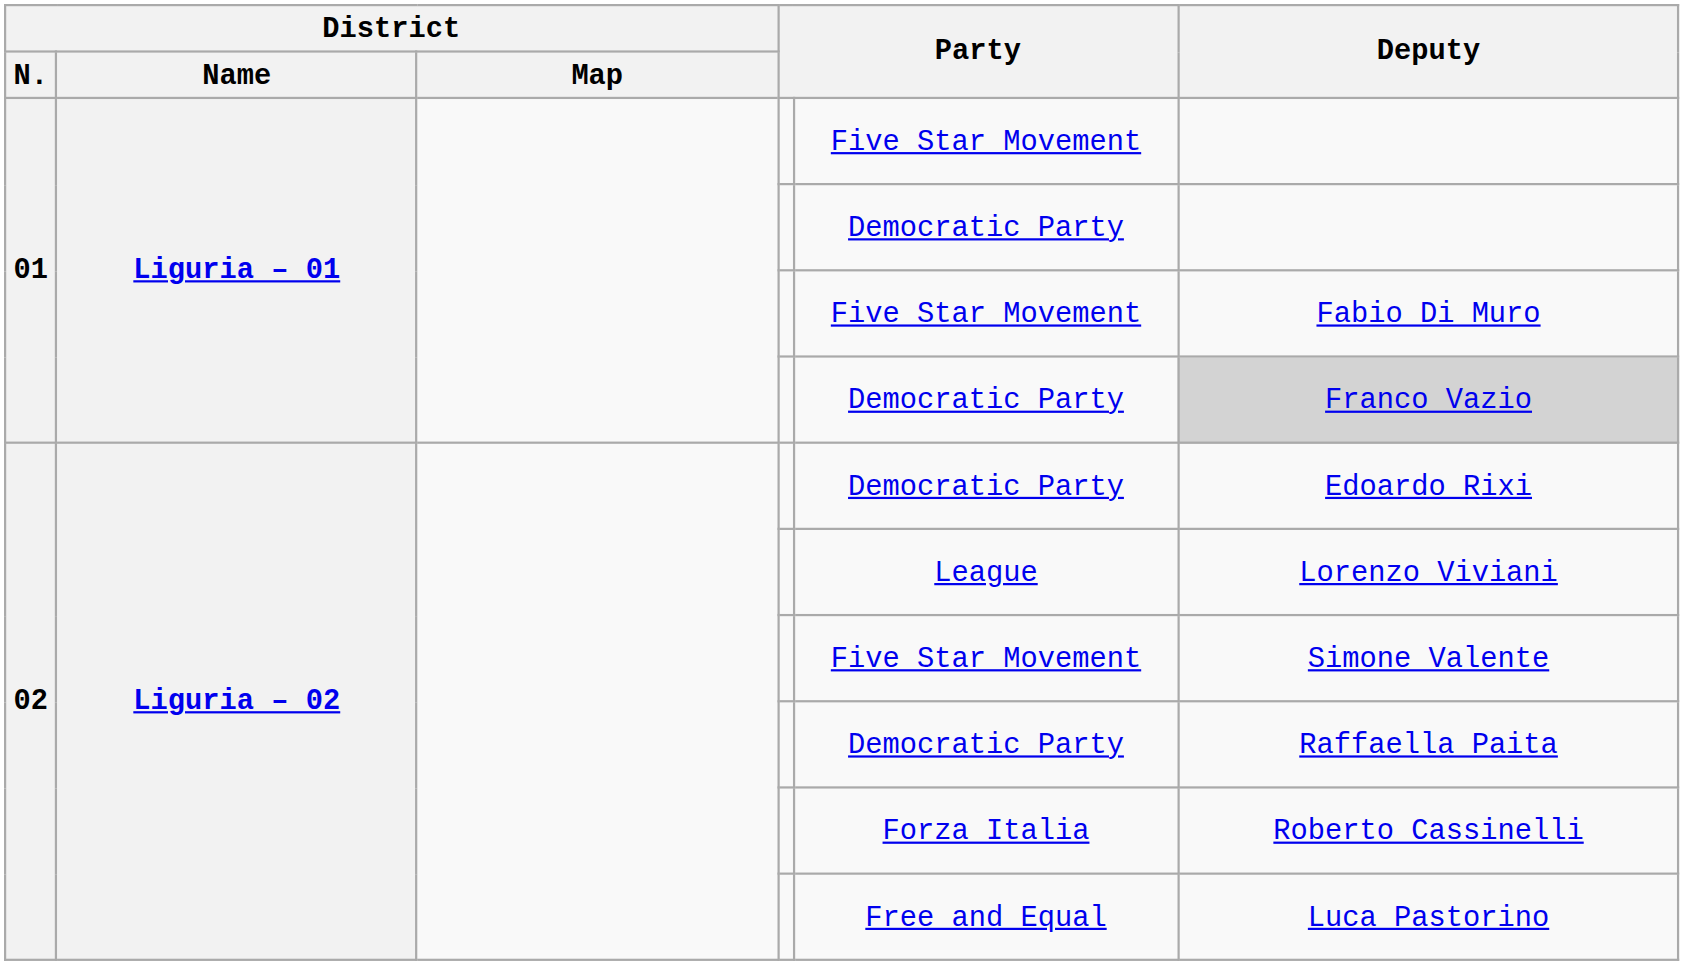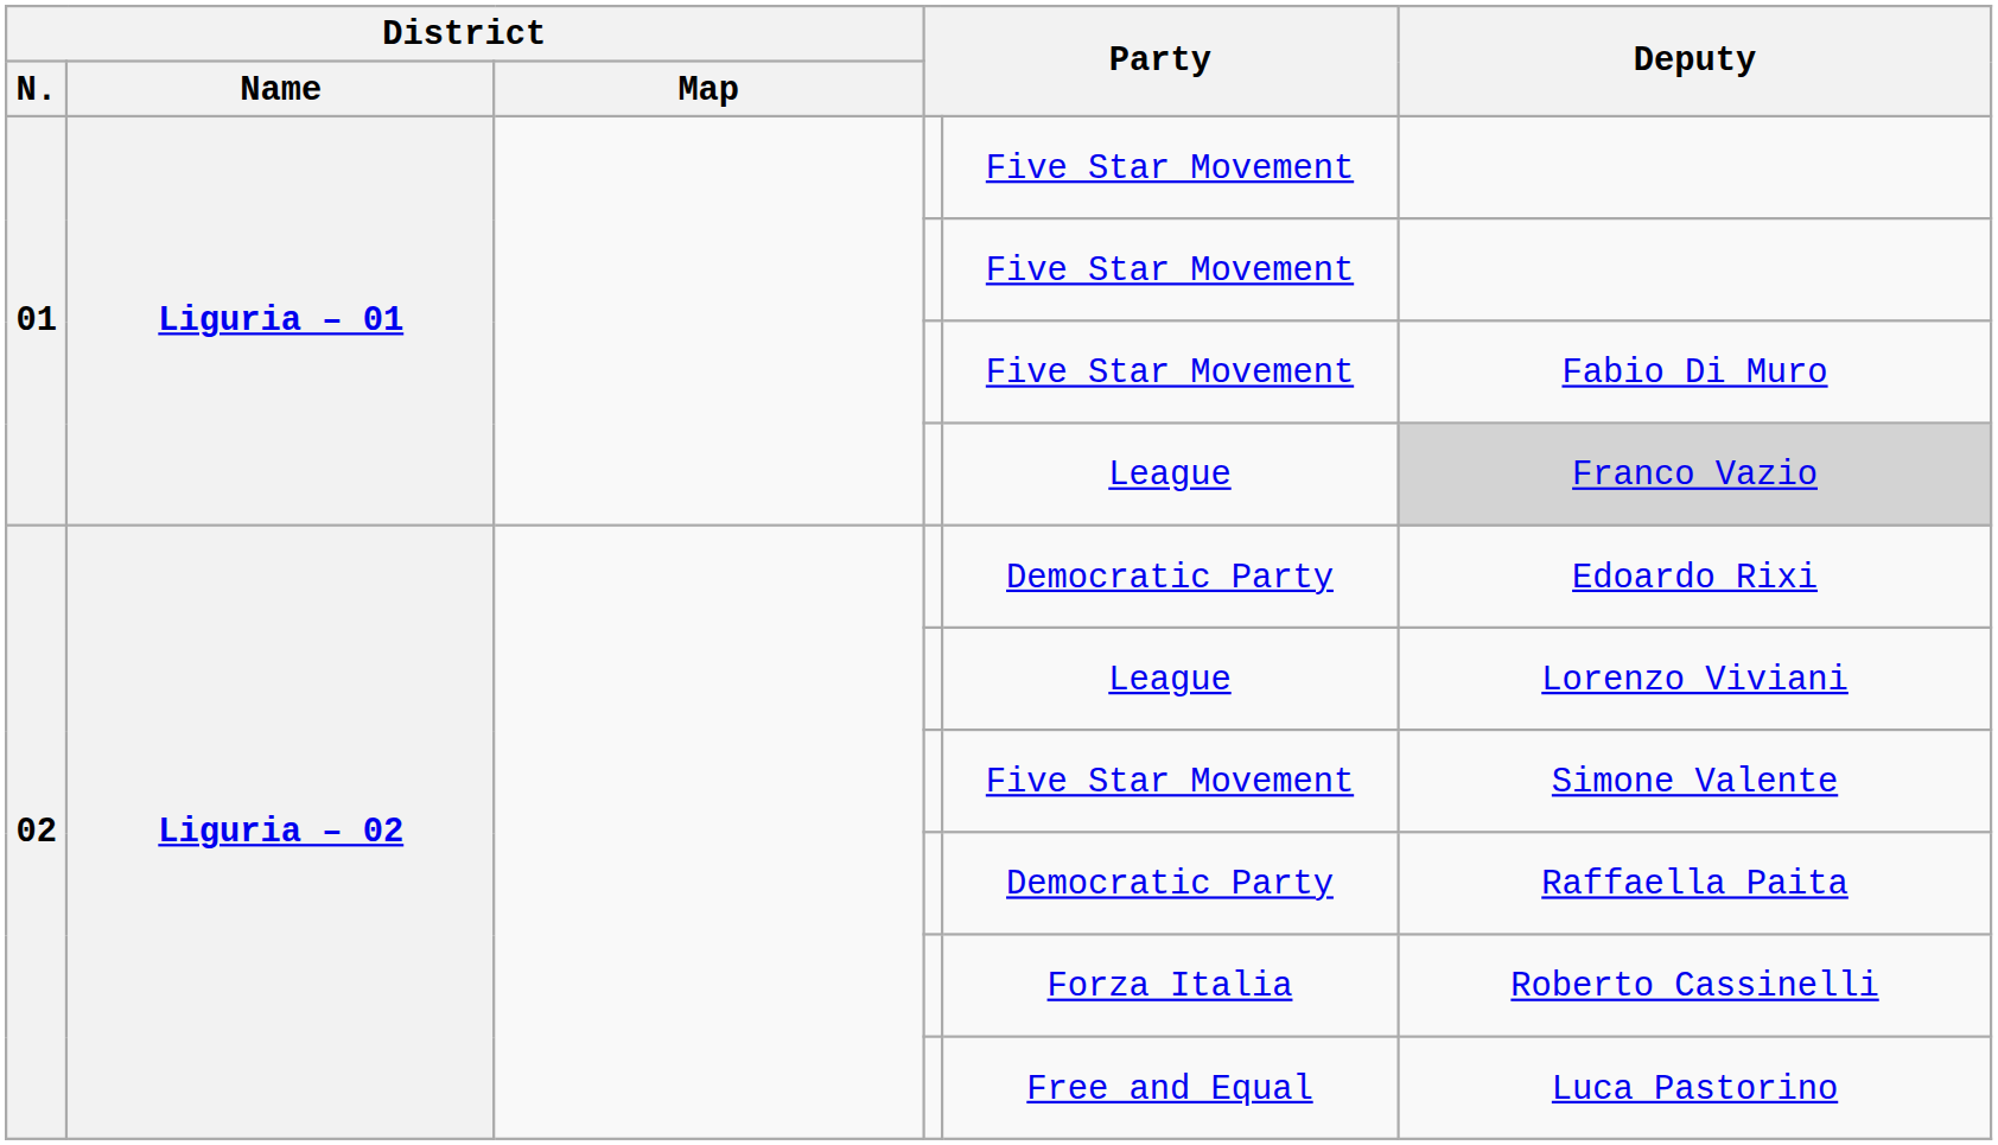 <table class="wikitable" style="text-align:center; style="width=60%">
 <tr>
 <th width=35% colspan="3">District</th>
 <th width=20% colspan="2" rowspan="2">Party</th>
 <th width=25% rowspan="2">Deputy</th>
 </tr>
 <tr>
 <th width=1%>N.</th>
 <th width=18%>Name</th>
 <th width=18%>Map</th>
 </tr>
 <tr style="height:3em;">
 <th rowspan="4">01</th>
 <th rowspan="4"><a href='#'>Liguria – 01</a></th>
 <td rowspan="4"></td>
 <td style="background:"></td>
 <td><a href='#'>Five Star Movement</a></td>
 <td></td>
 </tr>
 <tr style="height:3em;">
 <td style="background:"></td>
-<td><a href='#'>Democratic Party</a></td>
+<td><a href='#'>Five Star Movement</a></td>
 <td></td>
 </tr>
 <tr style="height:3em;">
 <td style="background:"></td>
 <td><a href='#'>Five Star Movement</a></td>
 <td><a href='#'>Fabio Di Muro</a></td>
 </tr>
 <tr style="height:3em;">
 <td style="background:"></td>
-<td><a href='#'>Democratic Party</a></td>
+<td><a href='#'>League</a></td>
 <td style="background: lightgrey;"><a href='#'>Franco Vazio</a></td>
 </tr>
 <tr style="height:3em;">
 <th rowspan="6">02</th>
 <th rowspan="6"><a href='#'>Liguria – 02</a></th>
 <td rowspan="6"></td>
 <td style="background:"></td>
 <td><a href='#'>Democratic Party</a></td>
 <td><a href='#'>Edoardo Rixi</a></td>
 </tr>
 <tr style="height:3em;">
 <td style="background:"></td>
 <td><a href='#'>League</a></td>
 <td><a href='#'>Lorenzo Viviani</a></td>
 </tr>
 <tr style="height:3em;">
 <td style="background:"></td>
 <td><a href='#'>Five Star Movement</a></td>
 <td><a href='#'>Simone Valente</a></td>
 </tr>
 <tr style="height:3em;">
 <td style="background:"></td>
 <td><a href='#'>Democratic Party</a></td>
 <td><a href='#'>Raffaella Paita</a></td>
 </tr>
 <tr style="height:3em;">
 <td style="background:"></td>
 <td><a href='#'>Forza Italia</a></td>
 <td><a href='#'>Roberto Cassinelli</a></td>
 </tr>
 <tr style="height:3em;">
 <td style="background:"></td>
 <td><a href='#'>Free and Equal</a></td>
 <td><a href='#'>Luca Pastorino</a></td>
 </tr>
 </table>
